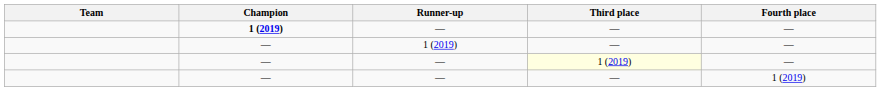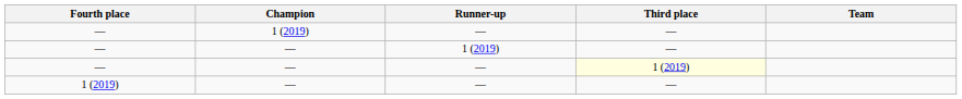 <table class="wikitable" style="font-size:90%; text-align:center; width:100%;">
 <tr>
-<th style="width:20%;">Team</th>
+<th style="width:20%;">Fourth place</th>
 <th style="width:20%;">Champion</th>
 <th style="width:20%;">Runner-up</th>
 <th style="width:20%;">Third place</th>
-<th style="width:20%;">Fourth place</th>
+<th style="width:20%;">Team</th>
 </tr>
 <tr>
-<td style="text-align:left"></td>
-<td><strong>1 (<a href='#'>2019</a>)</strong></td>
-<td>—</td>
-<td>—</td>
-<td>—</td>
-</tr>
-<tr>
-<td style="text-align:left"></td>
 <td>—</td>
 <td>1 (<a href='#'>2019</a>)</td>
 <td>—</td>
 <td>—</td>
+<td style="text-align:left"></td>
 </tr>
 <tr>
+<td>—</td>
+<td>—</td>
+<td>1 (<a href='#'>2019</a>)</td>
+<td>—</td>
 <td style="text-align:left"></td>
+</tr>
+<tr>
+<td>—</td>
 <td>—</td>
 <td>—</td>
 <td style="background: lightyellow;">1 (<a href='#'>2019</a>)</td>
-<td>—</td>
+<td style="text-align:left"></td>
 </tr>
 <tr>
-<td style="text-align:left"></td>
+<td>1 (<a href='#'>2019</a>)</td>
 <td>—</td>
 <td>—</td>
 <td>—</td>
-<td>1 (<a href='#'>2019</a>)</td>
+<td style="text-align:left"></td>
 </tr>
 </table>
